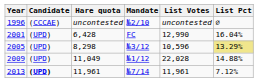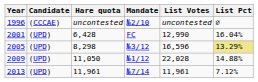 <table class="wikitable" style="margin:0.5em ; font-size:95%">
 <tr>
 <th>Year</th>
 <th>Candidate</th>
 <th>Hare quota</th>
 <th>Mandate</th>
 <th>List Votes</th>
 <th>List Pct</th>
 </tr>
 <tr>
 <td><a href='#'>1996</a></td>
 <td> (<a href='#'>CCCAE</a>)</td>
 <td><em>uncontested</em></td>
 <td><a href='#'>№2/10</a></td>
 <td><em>uncontested</em></td>
 <td>∅</td>
 </tr>
 <tr>
 <td><a href='#'>2001</a></td>
 <td> (<a href='#'>UPD</a>)</td>
 <td>6,428</td>
 <td><a href='#'>FC</a></td>
 <td>12,990</td>
 <td>16.04%</td>
 </tr>
 <tr>
 <td><a href='#'>2005</a></td>
 <td> (<a href='#'>UPD</a>)</td>
 <td>8,298</td>
 <td><a href='#'>№3/12</a></td>
-<td>10,596</td>
+<td>16,596</td>
 <td style="background: khaki;">13.29%</td>
 </tr>
 <tr>
 <td><a href='#'>2009</a></td>
 <td> (<a href='#'>UPD</a>)</td>
-<td>11,049</td>
+<td>11,050</td>
 <td><a href='#'>№1/12</a></td>
 <td>22,028</td>
 <td>14.88%</td>
 </tr>
 <tr>
 <td><a href='#'>2013</a></td>
-<td><strong> (<a href='#'>UPD</a>)</strong></td>
+<td> (<a href='#'>UPD</a>)</td>
 <td>11,961</td>
 <td><a href='#'>№7/14</a></td>
 <td>11,961</td>
 <td>7.12%</td>
 </tr>
 </table>
